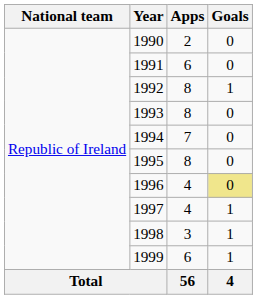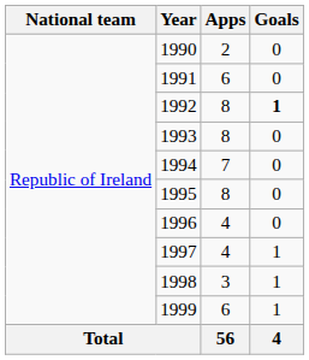 <table class="wikitable" style="text-align: center;">
 <tr>
 <th>National team</th>
 <th>Year</th>
 <th>Apps</th>
 <th>Goals</th>
 </tr>
 <tr>
 <td rowspan="10"><a href='#'>Republic of Ireland</a></td>
 <td>1990</td>
 <td>2</td>
 <td>0</td>
 </tr>
 <tr>
 <td>1991</td>
 <td>6</td>
 <td>0</td>
 </tr>
 <tr>
 <td>1992</td>
 <td>8</td>
-<td>1</td>
+<td><strong>1</strong></td>
 </tr>
 <tr>
 <td>1993</td>
 <td>8</td>
 <td>0</td>
 </tr>
 <tr>
 <td>1994</td>
 <td>7</td>
 <td>0</td>
 </tr>
 <tr>
 <td>1995</td>
 <td>8</td>
 <td>0</td>
 </tr>
 <tr>
 <td>1996</td>
 <td>4</td>
-<td style="background: khaki;">0</td>
+<td>0</td>
 </tr>
 <tr>
 <td>1997</td>
 <td>4</td>
 <td>1</td>
 </tr>
 <tr>
 <td>1998</td>
 <td>3</td>
 <td>1</td>
 </tr>
 <tr>
 <td>1999</td>
 <td>6</td>
 <td>1</td>
 </tr>
 <tr>
 <th colspan="2">Total</th>
 <th>56</th>
 <th>4</th>
 </tr>
 </table>
